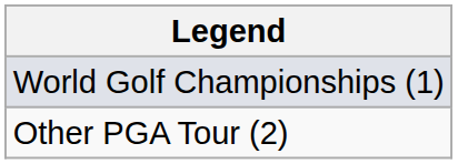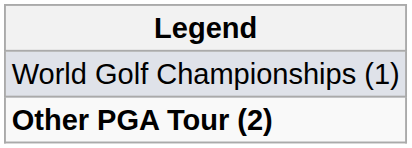 <table class="wikitable" style="font-size:95%;">
 <tr>
 <th>Legend</th>
 </tr>
 <tr style="background:#dfe2e9;">
 <td>World Golf Championships (1)</td>
 </tr>
 <tr>
-<td>Other PGA Tour (2)</td>
+<td><strong>Other PGA Tour (2)</strong></td>
 </tr>
 </table>
